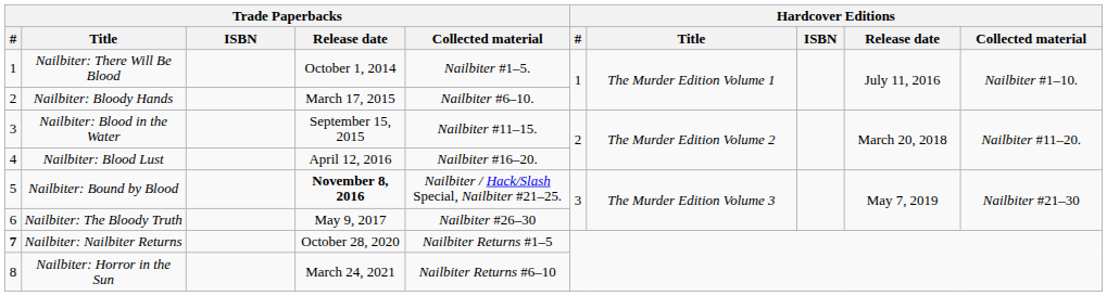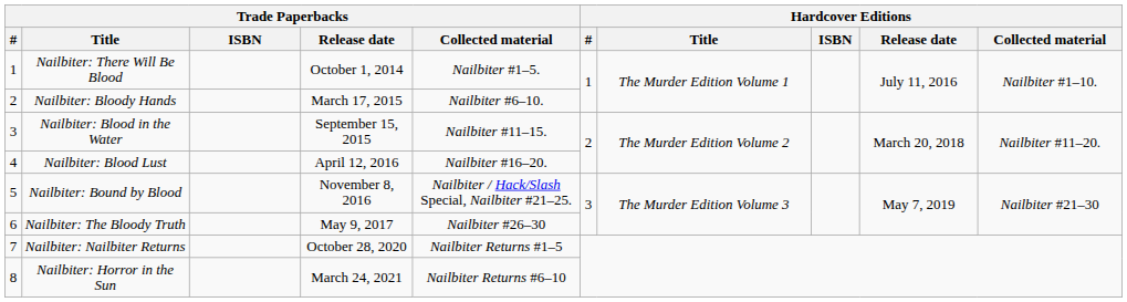 <table class="wikitable collapsible sortable" style="text-align:center;">
 <tr>
 <th colspan="5">Trade Paperbacks</th>
 <th colspan="5">Hardcover Editions</th>
 </tr>
 <tr>
 <th>#</th>
 <th width="15%">Title</th>
 <th width="10%">ISBN</th>
 <th width="10%">Release date</th>
 <th width="15%">Collected material</th>
 <th>#</th>
 <th>Title</th>
 <th>ISBN</th>
 <th>Release date</th>
 <th>Collected material</th>
 </tr>
 <tr>
 <td>1</td>
 <td><em>Nailbiter: There Will Be Blood</em></td>
 <td></td>
 <td>October 1, 2014</td>
 <td><em>Nailbiter</em> #1–5.</td>
 <td rowspan="2">1</td>
 <td rowspan="2"><em>The Murder Edition Volume 1</em></td>
 <td rowspan="2"></td>
 <td rowspan="2">July 11, 2016</td>
 <td rowspan="2"><em>Nailbiter</em> #1–10.</td>
 </tr>
 <tr>
 <td>2</td>
 <td><em>Nailbiter: Bloody Hands</em></td>
 <td></td>
 <td>March 17, 2015</td>
 <td><em>Nailbiter</em> #6–10.</td>
 </tr>
 <tr>
 <td>3</td>
 <td><em>Nailbiter: Blood in the Water</em></td>
 <td></td>
 <td>September 15, 2015</td>
 <td><em>Nailbiter</em> #11–15.</td>
 <td rowspan="2">2</td>
 <td rowspan="2"><em>The Murder Edition Volume 2</em></td>
 <td rowspan="2"></td>
 <td rowspan="2">March 20, 2018</td>
 <td rowspan="2"><em>Nailbiter</em> #11–20.</td>
 </tr>
 <tr>
 <td>4</td>
 <td><em>Nailbiter: Blood Lust</em></td>
 <td></td>
 <td>April 12, 2016</td>
 <td><em>Nailbiter</em> #16–20.</td>
 </tr>
 <tr>
 <td>5</td>
 <td><em>Nailbiter: Bound by Blood</em></td>
 <td></td>
-<td><strong>November 8, 2016</strong></td>
+<td>November 8, 2016</td>
 <td><em>Nailbiter / <a href='#'>Hack/Slash</a></em> Special, <em>Nailbiter</em> #21–25.</td>
 <td rowspan="2">3</td>
 <td rowspan="2"><em>The Murder Edition Volume 3</em></td>
 <td rowspan="2"></td>
 <td rowspan="2">May 7, 2019</td>
 <td rowspan="2"><em>Nailbiter</em> #21–30</td>
 </tr>
 <tr>
 <td>6</td>
 <td><em>Nailbiter: The Bloody Truth</em></td>
 <td></td>
 <td>May 9, 2017</td>
 <td><em>Nailbiter</em> #26–30</td>
 </tr>
 <tr>
-<td><strong>7</strong></td>
+<td>7</td>
 <td><em>Nailbiter: Nailbiter Returns</em></td>
 <td></td>
 <td>October 28, 2020</td>
 <td><em>Nailbiter Returns</em> #1–5</td>
 </tr>
 <tr>
 <td>8</td>
 <td><em>Nailbiter: Horror in the Sun</em></td>
 <td></td>
 <td>March 24, 2021</td>
 <td><em>Nailbiter Returns</em> #6–10</td>
 </tr>
 </table>
